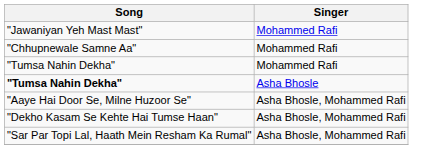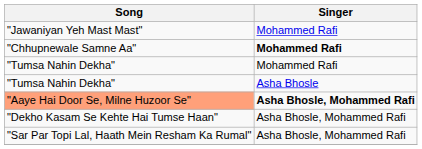 <table class="wikitable">
 <tr>
 <th>Song</th>
 <th>Singer</th>
 </tr>
 <tr>
 <td>"Jawaniyan Yeh Mast Mast"</td>
 <td><a href='#'>Mohammed Rafi</a></td>
 </tr>
 <tr>
 <td>"Chhupnewale Samne Aa"</td>
-<td>Mohammed Rafi</td>
+<td><strong>Mohammed Rafi</strong></td>
 </tr>
 <tr>
 <td>"Tumsa Nahin Dekha"</td>
 <td>Mohammed Rafi</td>
 </tr>
 <tr>
-<td><strong>"Tumsa Nahin Dekha"</strong></td>
+<td>"Tumsa Nahin Dekha"</td>
 <td><a href='#'>Asha Bhosle</a></td>
 </tr>
 <tr>
-<td>"Aaye Hai Door Se, Milne Huzoor Se"</td>
-<td>Asha Bhosle, Mohammed Rafi</td>
+<td style="background: lightsalmon;">"Aaye Hai Door Se, Milne Huzoor Se"</td>
+<td><strong>Asha Bhosle, Mohammed Rafi</strong></td>
 </tr>
 <tr>
 <td>"Dekho Kasam Se Kehte Hai Tumse Haan"</td>
 <td>Asha Bhosle, Mohammed Rafi</td>
 </tr>
 <tr>
 <td>"Sar Par Topi Lal, Haath Mein Resham Ka Rumal"</td>
 <td>Asha Bhosle, Mohammed Rafi</td>
 </tr>
 <tr>
 </tr>
 </table>
